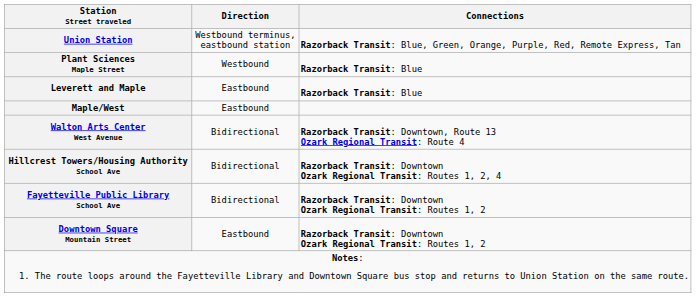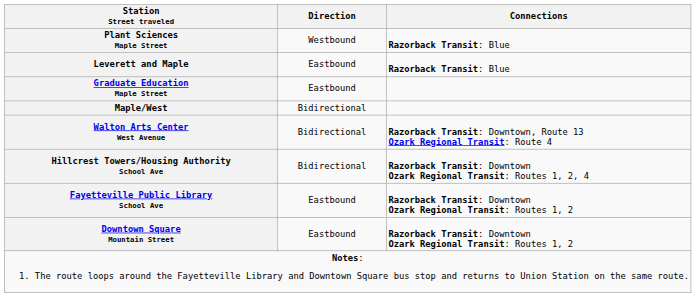 <table class="wikitable" style="font-size: 95%;">
 <tr>
 <th>Station<br><small>Street traveled</small></th>
 <th>Direction</th>
 <th>Connections</th>
-</tr>
-<tr>
-<th><a href='#'>Union Station</a><br></th>
-<td style="text-align:center;">Westbound terminus,<br>eastbound station</td>
-<td><br><strong>Razorback Transit</strong>: Blue, Green, Orange, Purple, Red, Remote Express, Tan</td>
 </tr>
 <tr>
 <th>Plant Sciences<br><small>Maple Street</small></th>
 <td style="text-align:center;">Westbound</td>
 <td><br><strong>Razorback Transit</strong>: Blue</td>
 </tr>
 <tr>
 <th>Leverett and Maple<br></th>
 <td style="text-align:center;">Eastbound</td>
 <td><br><strong>Razorback Transit</strong>: Blue</td>
 </tr>
 <tr>
+<th><a href='#'>Graduate Education</a><br><small>Maple Street</small></th>
+<td style="text-align:center;">Eastbound</td>
+<td></td>
+</tr>
+<tr>
 <th>Maple/West<br></th>
-<td style="text-align:center;">Eastbound</td>
+<td style="text-align:center;">Bidirectional</td>
 <td></td>
 </tr>
 <tr>
 <th><a href='#'>Walton Arts Center</a><br><small>West Avenue</small></th>
 <td style="text-align:center;">Bidirectional</td>
 <td><br><strong>Razorback Transit</strong>: Downtown, Route 13 <br><strong><a href='#'>Ozark Regional Transit</a></strong>: Route 4</td>
 </tr>
 <tr>
 <th>Hillcrest Towers/Housing Authority<br><small>School Ave</small></th>
 <td style="text-align:center;">Bidirectional</td>
 <td><br><strong>Razorback Transit</strong>: Downtown <br><strong>Ozark Regional Transit</strong>: Routes 1, 2, 4</td>
 </tr>
 <tr>
 <th><a href='#'>Fayetteville Public Library</a><br><small>School Ave</small></th>
-<td style="text-align:center;">Bidirectional</td>
+<td style="text-align:center;">Eastbound</td>
 <td><br><strong>Razorback Transit</strong>: Downtown <br><strong>Ozark Regional Transit</strong>: Routes 1, 2</td>
 </tr>
 <tr>
 <th><a href='#'>Downtown Square</a><br><small>Mountain Street</small></th>
 <td style="text-align:center;">Eastbound</td>
 <td><br><strong>Razorback Transit</strong>: Downtown <br><strong>Ozark Regional Transit</strong>: Routes 1, 2</td>
 </tr>
 <tr>
 <td colspan="3" style="text-align:center;"><strong>Notes</strong>:<br><ol><li>The route loops around the Fayetteville Library and Downtown Square bus stop and returns to Union Station on the same route.</li></ol></td>
 </tr>
 </table>
